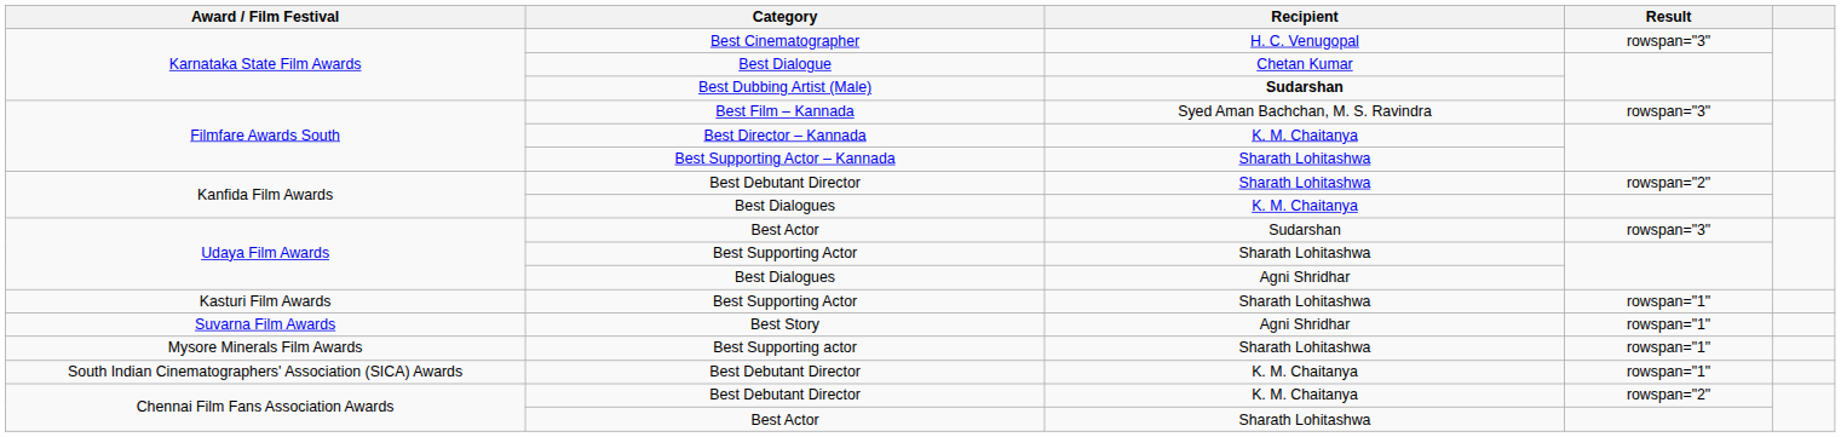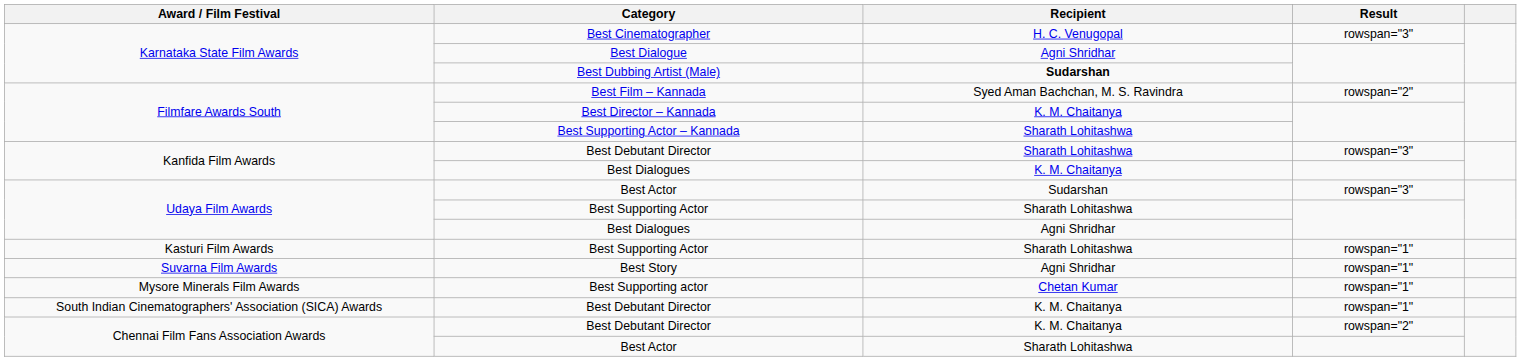 <table class="wikitable" style="text-align:center;width:99%;"  >
 <tr>
 <th width="25%" scope="col">Award / Film Festival</th>
 <th width="25%" scope="col">Category</th>
 <th width="25%" scope="col">Recipient</th>
 <th width="10%" scope="col">Result</th>
 <th width="3%" scope="col"></th>
 </tr>
 <tr>
 <td rowspan="3"><a href='#'>Karnataka State Film Awards</a></td>
 <td><a href='#'>Best Cinematographer</a></td>
 <td><a href='#'>H. C. Venugopal</a></td>
 <td>rowspan="3" </td>
 <td align="center" rowspan="3"></td>
 </tr>
 <tr>
 <td><a href='#'>Best Dialogue</a></td>
-<td><a href='#'>Chetan Kumar</a></td>
+<td><a href='#'>Agni Shridhar</a></td>
 </tr>
 <tr>
 <td><a href='#'>Best Dubbing Artist (Male)</a></td>
 <td><strong>Sudarshan</strong></td>
 </tr>
 <tr>
 <td rowspan="3"><a href='#'>Filmfare Awards South</a></td>
 <td><a href='#'>Best Film – Kannada</a></td>
 <td>Syed Aman Bachchan, M. S. Ravindra</td>
-<td>rowspan="3" </td>
+<td>rowspan="2" </td>
 <td align="center" rowspan="3"></td>
 </tr>
 <tr>
 <td><a href='#'>Best Director – Kannada</a></td>
 <td><a href='#'>K. M. Chaitanya</a></td>
 </tr>
 <tr>
 <td><a href='#'>Best Supporting Actor – Kannada</a></td>
 <td><a href='#'>Sharath Lohitashwa</a></td>
 </tr>
 <tr>
 <td rowspan="2">Kanfida Film Awards</td>
 <td>Best Debutant Director</td>
 <td><a href='#'>Sharath Lohitashwa</a></td>
-<td>rowspan="2" </td>
+<td>rowspan="3" </td>
 <td align="center" rowspan="2"></td>
 </tr>
 <tr>
 <td>Best Dialogues</td>
 <td><a href='#'>K. M. Chaitanya</a></td>
 </tr>
 <tr>
 <td rowspan="3"><a href='#'>Udaya Film Awards</a></td>
 <td>Best Actor</td>
 <td>Sudarshan</td>
 <td>rowspan="3" </td>
 <td align="center" rowspan="3"></td>
 </tr>
 <tr>
 <td>Best Supporting Actor</td>
 <td>Sharath Lohitashwa</td>
 </tr>
 <tr>
 <td>Best Dialogues</td>
 <td>Agni Shridhar</td>
 </tr>
 <tr>
 <td rowspan="1">Kasturi Film Awards</td>
 <td>Best Supporting Actor</td>
 <td>Sharath Lohitashwa</td>
 <td>rowspan="1" </td>
 <td align="center" rowspan="1"></td>
 </tr>
 <tr>
 <td rowspan="1"><a href='#'>Suvarna Film Awards</a></td>
 <td>Best Story</td>
 <td>Agni Shridhar</td>
 <td>rowspan="1" </td>
 <td align="center" rowspan="1"></td>
 </tr>
 <tr>
 <td rowspan="1">Mysore Minerals Film Awards</td>
 <td>Best Supporting actor</td>
-<td>Sharath Lohitashwa</td>
+<td><a href='#'>Chetan Kumar</a></td>
 <td>rowspan="1" </td>
 <td align="center" rowspan="1"></td>
 </tr>
 <tr>
 <td rowspan="1">South Indian Cinematographers' Association (SICA) Awards</td>
 <td>Best Debutant Director</td>
 <td>K. M. Chaitanya</td>
 <td>rowspan="1" </td>
 <td align="center" rowspan="1"></td>
 </tr>
 <tr>
 <td rowspan="2">Chennai Film Fans Association Awards</td>
 <td>Best Debutant Director</td>
 <td>K. M. Chaitanya</td>
 <td>rowspan="2" </td>
 <td align="center" rowspan="2"></td>
 </tr>
 <tr>
 <td>Best Actor</td>
 <td>Sharath Lohitashwa</td>
 </tr>
 </table>
